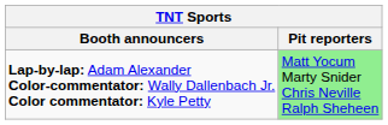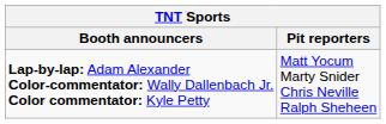 <table class="wikitable" style="font-size: 95%;">
 <tr>
 <th colspan="2"><a href='#'>TNT</a> Sports</th>
 </tr>
 <tr>
 <th>Booth announcers</th>
 <th>Pit reporters</th>
 </tr>
 <tr>
 <td><strong>Lap-by-lap:</strong> <a href='#'>Adam Alexander</a><br><strong>Color-commentator:</strong> <a href='#'>Wally Dallenbach Jr.</a><br><strong>Color commentator:</strong> <a href='#'>Kyle Petty</a></td>
-<td style="background: lightgreen;"><a href='#'>Matt Yocum</a><br>Marty Snider<br><a href='#'>Chris Neville</a><br><a href='#'>Ralph Sheheen</a></td>
+<td><a href='#'>Matt Yocum</a><br>Marty Snider<br><a href='#'>Chris Neville</a><br><a href='#'>Ralph Sheheen</a></td>
 </tr>
 </table>
